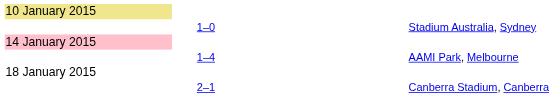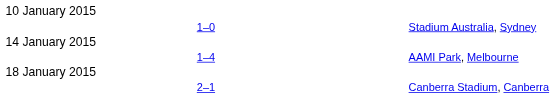 <table style="width:100%" cellspacing="1">
 <tr>
 <th width=25%></th>
 <th width=10%></th>
 <th width=25%></th>
 </tr>
 <tr>
-<td style="background: khaki;">10 January 2015</td>
+<td>10 January 2015</td>
 </tr>
 <tr style=font-size:90%>
 <td align=right></td>
 <td align=center><a href='#'>1–0</a></td>
 <td></td>
 <td><a href='#'>Stadium Australia</a>, <a href='#'>Sydney</a></td>
 </tr>
 <tr>
-<td style="background: pink;">14 January 2015</td>
+<td>14 January 2015</td>
 </tr>
 <tr style=font-size:90%>
 <td align=right></td>
 <td align=center><a href='#'>1–4</a></td>
 <td></td>
 <td><a href='#'>AAMI Park</a>, <a href='#'>Melbourne</a></td>
 </tr>
 <tr>
 <td>18 January 2015</td>
 </tr>
 <tr style=font-size:90%>
 <td align=right></td>
 <td align=center><a href='#'>2–1</a></td>
 <td></td>
 <td><a href='#'>Canberra Stadium</a>, <a href='#'>Canberra</a></td>
 </tr>
 </table>
